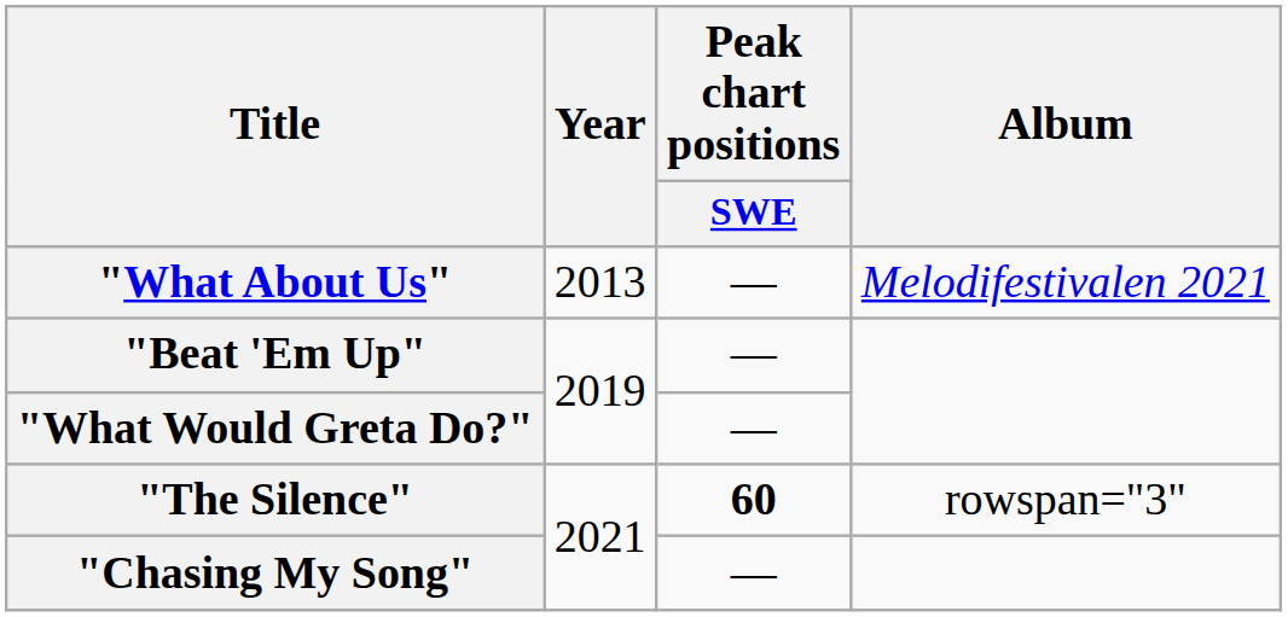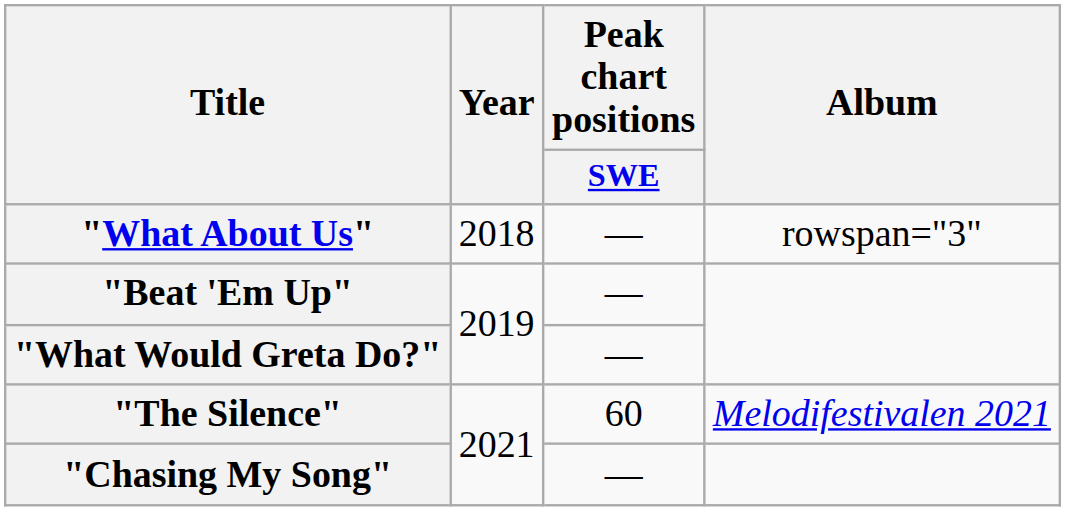 <table class="wikitable plainrowheaders" style="text-align:center;">
 <tr>
 <th scope="col" rowspan="2">Title</th>
 <th scope="col" rowspan="2">Year</th>
 <th scope="col" colspan="1">Peak chart positions</th>
 <th scope="col" rowspan="2">Album</th>
 </tr>
 <tr>
 <th scope="col" style="width:3em;font-size:85%;"><a href='#'>SWE</a><br></th>
 </tr>
 <tr>
 <th scope="row">"<a href='#'>What About Us</a>"</th>
-<td>2013</td>
+<td>2018</td>
 <td>—</td>
-<td><em><a href='#'>Melodifestivalen 2021</a></em></td>
+<td>rowspan="3" </td>
 </tr>
 <tr>
 <th scope="row">"Beat 'Em Up"</th>
 <td rowspan="2">2019</td>
 <td>—</td>
 </tr>
 <tr>
 <th scope="row">"What Would Greta Do?"</th>
 <td>—</td>
 </tr>
 <tr>
 <th scope="row">"The Silence"</th>
 <td rowspan="2">2021</td>
-<td><strong>60</strong></td>
-<td>rowspan="3" </td>
+<td>60</td>
+<td><em><a href='#'>Melodifestivalen 2021</a></em></td>
 </tr>
 <tr>
 <th scope="row">"Chasing My Song"</th>
 <td>—</td>
 <td></td>
 </tr>
 </table>
